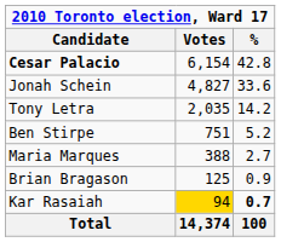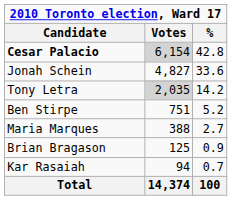 <table class="wikitable">
 <tr>
 <td Colspan="3" align="center"><strong><a href='#'>2010 Toronto election</a>, Ward 17</strong></td>
 </tr>
 <tr>
 <th bgcolor="#DDDDFF" width="150px">Candidate</th>
 <th bgcolor="#DDDDFF">Votes</th>
 <th bgcolor="#DDDDFF">%</th>
 </tr>
 <tr>
 <td><strong>Cesar Palacio</strong></td>
-<td align=right>6,154</td>
+<td align=right style="background: lightgrey;">6,154</td>
 <td align=right>42.8</td>
 </tr>
 <tr>
 <td>Jonah Schein</td>
 <td align=right>4,827</td>
 <td align=right>33.6</td>
 </tr>
 <tr>
 <td>Tony Letra</td>
-<td align=right>2,035</td>
+<td align=right style="background: lightgrey;">2,035</td>
 <td align=right>14.2</td>
 </tr>
 <tr>
 <td>Ben Stirpe</td>
 <td align=right>751</td>
 <td align=right>5.2</td>
 </tr>
 <tr>
 <td>Maria Marques</td>
 <td align=right>388</td>
 <td align=right>2.7</td>
 </tr>
 <tr>
 <td>Brian Bragason</td>
 <td align=right>125</td>
 <td align=right>0.9</td>
 </tr>
 <tr>
 <td>Kar Rasaiah</td>
-<td align=right style="background: gold;">94</td>
-<td align=right><strong>0.7</strong></td>
+<td align=right>94</td>
+<td align=right>0.7</td>
 </tr>
 <tr>
 <th>Total</th>
 <th align=right>14,374</th>
 <th align=right>100</th>
 </tr>
 </table>
